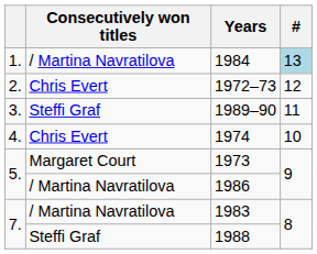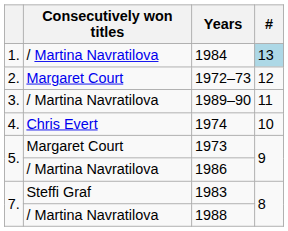 <table class="wikitable" style="display:inline-table">
 <tr>
 <th></th>
 <th style="width:180px;">Consecutively won titles</th>
 <th>Years</th>
 <th style="width:25px;">#</th>
 </tr>
 <tr>
 <td style="white-space: nowrap;">1.</td>
 <td>/ <a href='#'>Martina Navratilova</a></td>
 <td>1984</td>
 <td style="background: lightblue;">13</td>
 </tr>
 <tr>
 <td>2.</td>
-<td> <a href='#'>Chris Evert</a></td>
+<td> <a href='#'>Margaret Court</a></td>
 <td>1972–73</td>
 <td>12</td>
 </tr>
 <tr>
 <td>3.</td>
-<td> <a href='#'>Steffi Graf</a></td>
+<td style="white-space: nowrap;">/ Martina Navratilova</td>
 <td>1989–90</td>
 <td>11</td>
 </tr>
 <tr>
 <td>4.</td>
 <td> <a href='#'>Chris Evert</a></td>
 <td>1974</td>
 <td>10</td>
 </tr>
 <tr>
 <td rowspan=2>5.</td>
 <td> Margaret Court</td>
 <td>1973</td>
 <td rowspan=2>9</td>
 </tr>
 <tr>
 <td style="white-space: nowrap;">/ Martina Navratilova</td>
 <td>1986</td>
 </tr>
 <tr>
 <td rowspan=2>7.</td>
-<td>/ Martina Navratilova</td>
+<td> Steffi Graf</td>
 <td>1983</td>
 <td rowspan=2>8</td>
 </tr>
 <tr>
-<td> Steffi Graf</td>
+<td>/ Martina Navratilova</td>
 <td>1988</td>
 </tr>
 </table>
